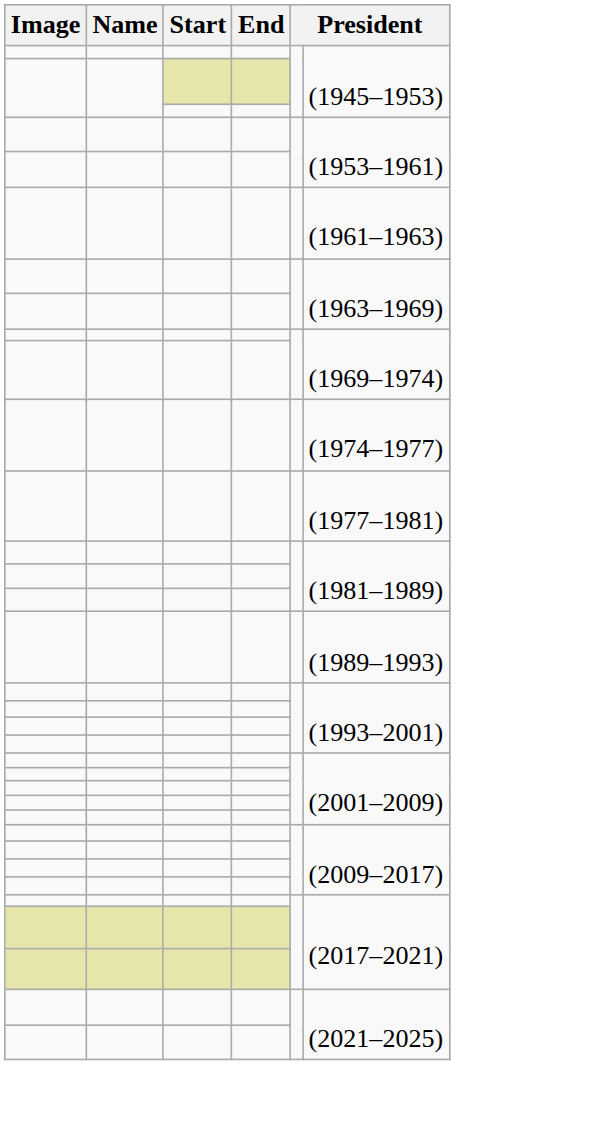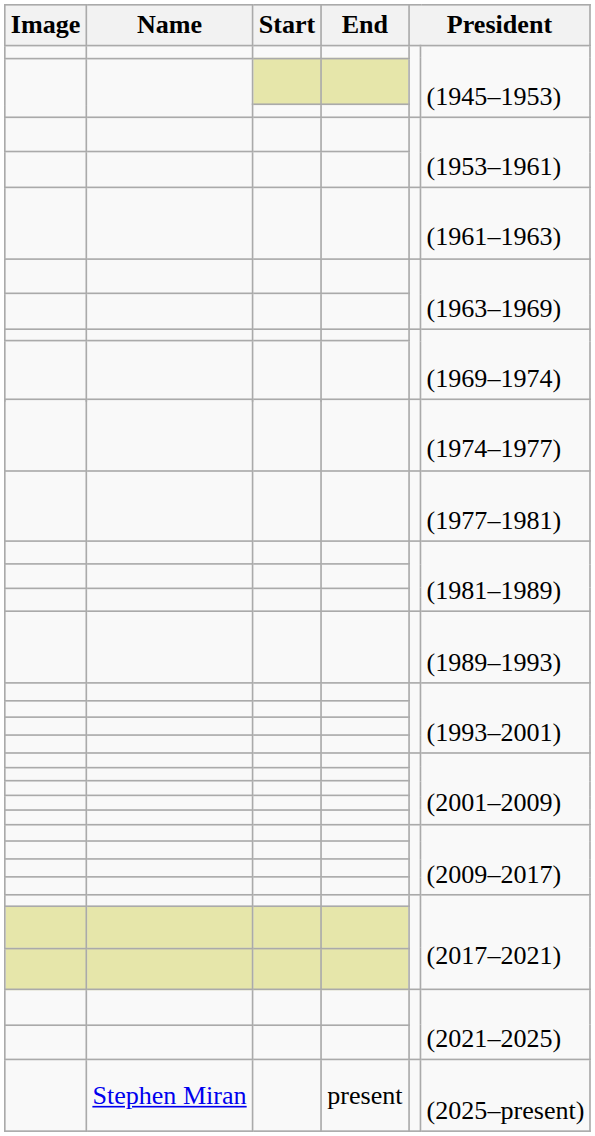 <table class="wikitable sortable">
 <tr>
 <th>Image</th>
 <th>Name</th>
 <th>Start</th>
 <th>End</th>
 <th colspan=2>President</th>
 </tr>
 <tr>
 <td></td>
 <td></td>
 <td></td>
 <td></td>
 <td rowspan=3 style="background: "></td>
 <td rowspan=3><br>(1945–1953)</td>
 </tr>
 <tr>
 <td rowspan=2></td>
 <td rowspan=2></td>
 <td style="background-color:#E6E6AA;"></td>
 <td style="background-color:#E6E6AA;"></td>
 </tr>
 <tr>
 <td></td>
 <td></td>
 </tr>
 <tr>
 <td></td>
 <td></td>
 <td></td>
 <td></td>
 <td rowspan=2 style="background: "></td>
 <td rowspan=2><br>(1953–1961)</td>
 </tr>
 <tr>
 <td></td>
 <td></td>
 <td></td>
 <td></td>
 </tr>
 <tr>
 <td rowspan=2></td>
 <td rowspan=2></td>
 <td rowspan=2></td>
 <td rowspan=2></td>
 <td style="background: "></td>
 <td><br>(1961–1963)</td>
 </tr>
 <tr>
 <td rowspan=3 style="background: "></td>
 <td rowspan=3><br>(1963–1969)</td>
 </tr>
 <tr>
 <td></td>
 <td></td>
 <td></td>
 <td></td>
 </tr>
 <tr>
 <td></td>
 <td></td>
 <td></td>
 <td></td>
 </tr>
 <tr>
 <td></td>
 <td></td>
 <td></td>
 <td></td>
 <td rowspan=2 style="background: "></td>
 <td rowspan=2><br>(1969–1974)</td>
 </tr>
 <tr>
 <td rowspan=2></td>
 <td rowspan=2></td>
 <td rowspan=2></td>
 <td rowspan=2></td>
 </tr>
 <tr>
 <td rowspan=2 style="background: "></td>
 <td rowspan=2><br>(1974–1977)</td>
 </tr>
 <tr>
 <td></td>
 <td></td>
 <td></td>
 <td></td>
 </tr>
 <tr>
 <td></td>
 <td></td>
 <td></td>
 <td></td>
 <td style="background: "></td>
 <td><br>(1977–1981)</td>
 </tr>
 <tr>
 <td></td>
 <td></td>
 <td></td>
 <td></td>
 <td rowspan=3 style="background: "></td>
 <td rowspan=3><br>(1981–1989)</td>
 </tr>
 <tr>
 <td></td>
 <td></td>
 <td></td>
 <td></td>
 </tr>
 <tr>
 <td></td>
 <td></td>
 <td></td>
 <td></td>
 </tr>
 <tr>
 <td></td>
 <td></td>
 <td></td>
 <td></td>
 <td style="background: "></td>
 <td><br>(1989–1993)</td>
 </tr>
 <tr>
 <td></td>
 <td></td>
 <td></td>
 <td></td>
 <td rowspan=4 style="background: "></td>
 <td rowspan=4><br>(1993–2001)</td>
 </tr>
 <tr>
 <td></td>
 <td></td>
 <td></td>
 <td></td>
 </tr>
 <tr>
 <td></td>
 <td></td>
 <td></td>
 <td></td>
 </tr>
 <tr>
 <td></td>
 <td></td>
 <td></td>
 <td></td>
 </tr>
 <tr>
 <td></td>
 <td></td>
 <td></td>
 <td></td>
 <td rowspan=5 style="background: "></td>
 <td rowspan=5><br>(2001–2009)</td>
 </tr>
 <tr>
 <td></td>
 <td></td>
 <td></td>
 <td></td>
 </tr>
 <tr>
 <td></td>
 <td></td>
 <td></td>
 <td></td>
 </tr>
 <tr>
 <td></td>
 <td></td>
 <td></td>
 <td></td>
 </tr>
 <tr>
 <td></td>
 <td></td>
 <td></td>
 <td></td>
 </tr>
 <tr>
 <td></td>
 <td></td>
 <td></td>
 <td></td>
 <td rowspan=4 style="background: "></td>
 <td rowspan=4><br>(2009–2017)</td>
 </tr>
 <tr>
 <td></td>
 <td></td>
 <td></td>
 <td></td>
 </tr>
 <tr>
 <td></td>
 <td></td>
 <td></td>
 <td></td>
 </tr>
 <tr>
 <td></td>
 <td></td>
 <td></td>
 <td></td>
 </tr>
 <tr>
 <td></td>
 <td></td>
 <td></td>
 <td></td>
 <td rowspan=3 style="background: "></td>
 <td rowspan=3><br>(2017–2021)</td>
 </tr>
 <tr bgcolor="#e6e6aa">
 <td></td>
 <td><br></td>
 <td></td>
 <td></td>
 </tr>
 <tr bgcolor="#e6e6aa">
 <td></td>
 <td><br></td>
 <td></td>
 <td></td>
 </tr>
 <tr>
 <td></td>
 <td></td>
 <td></td>
 <td></td>
 <td rowspan=2 style="background: "></td>
 <td rowspan=2><br>(2021–2025)</td>
 </tr>
 <tr>
 <td></td>
 <td></td>
 <td></td>
 <td></td>
 </tr>
+<tr>
+<td></td>
+<td><a href='#'>Stephen Miran</a></td>
+<td></td>
+<td>present</td>
+<td style="background: "></td>
+<td><br>(2025–present)</td>
+</tr>
 </table>
